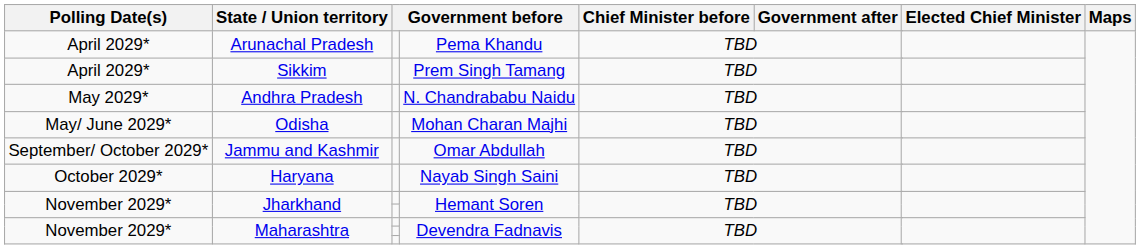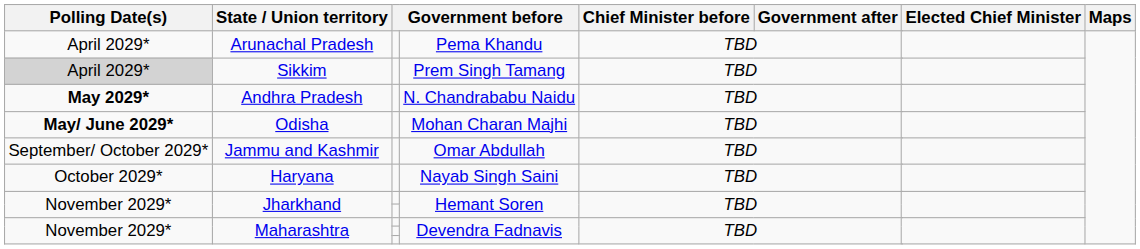 <table class="wikitable sortable">
 <tr>
 <th>Polling Date(s)</th>
 <th>State / Union territory</th>
 <th colspan="2">Government before</th>
 <th>Chief Minister before</th>
 <th colspan="2">Government after</th>
 <th>Elected Chief Minister</th>
 <th>Maps</th>
 </tr>
 <tr style="text-align:center;">
 <td>April 2029*</td>
 <td><a href='#'>Arunachal Pradesh</a></td>
 <td></td>
 <td><a href='#'>Pema Khandu</a></td>
 <td colspan="3"><em>TBD</em></td>
 <td></td>
 </tr>
 <tr style="text-align:center;">
-<td>April 2029*</td>
+<td style="background: lightgrey;">April 2029*</td>
 <td><a href='#'>Sikkim</a></td>
 <td></td>
 <td><a href='#'>Prem Singh Tamang</a></td>
 <td colspan="3"><em>TBD</em></td>
 <td></td>
 </tr>
 <tr style="text-align:center;">
-<td>May 2029*</td>
+<td><strong>May 2029*</strong></td>
 <td><a href='#'>Andhra Pradesh</a></td>
 <td></td>
 <td><a href='#'>N. Chandrababu Naidu</a></td>
 <td colspan="3"><em>TBD</em></td>
 <td></td>
 </tr>
 <tr style="text-align:center;">
-<td>May/ June 2029*</td>
+<td><strong>May/ June 2029*</strong></td>
 <td><a href='#'>Odisha</a></td>
 <td></td>
 <td><a href='#'>Mohan Charan Majhi</a></td>
 <td colspan="3"><em>TBD</em></td>
 <td></td>
 </tr>
 <tr style="text-align:center;">
 <td>September/ October 2029*</td>
 <td><a href='#'>Jammu and Kashmir</a></td>
 <td></td>
 <td><a href='#'>Omar Abdullah</a></td>
 <td colspan="3"><em>TBD</em></td>
 <td></td>
 </tr>
 <tr style="text-align:center;">
 <td>October 2029*</td>
 <td><a href='#'>Haryana</a></td>
 <td></td>
 <td><a href='#'>Nayab Singh Saini</a></td>
 <td colspan="3"><em>TBD</em></td>
 <td></td>
 </tr>
 <tr style="text-align:center;">
 <td rowspan="2">November 2029*</td>
 <td rowspan="2"><a href='#'>Jharkhand</a></td>
 <td></td>
 <td rowspan="2"><a href='#'>Hemant Soren</a></td>
 <td colspan="3" rowspan="2"><em>TBD</em></td>
 <td rowspan="2"></td>
 </tr>
 <tr>
 <td></td>
 </tr>
 <tr style="text-align:center;">
 <td rowspan="3">November 2029*</td>
 <td rowspan="3"><a href='#'>Maharashtra</a></td>
 <td></td>
 <td rowspan = "3"><a href='#'>Devendra Fadnavis</a></td>
 <td colspan="3" rowspan="3"><em>TBD</em></td>
 <td rowspan="3"></td>
 </tr>
 <tr>
 <td></td>
 </tr>
 <tr>
 <td></td>
 </tr>
 </table>
